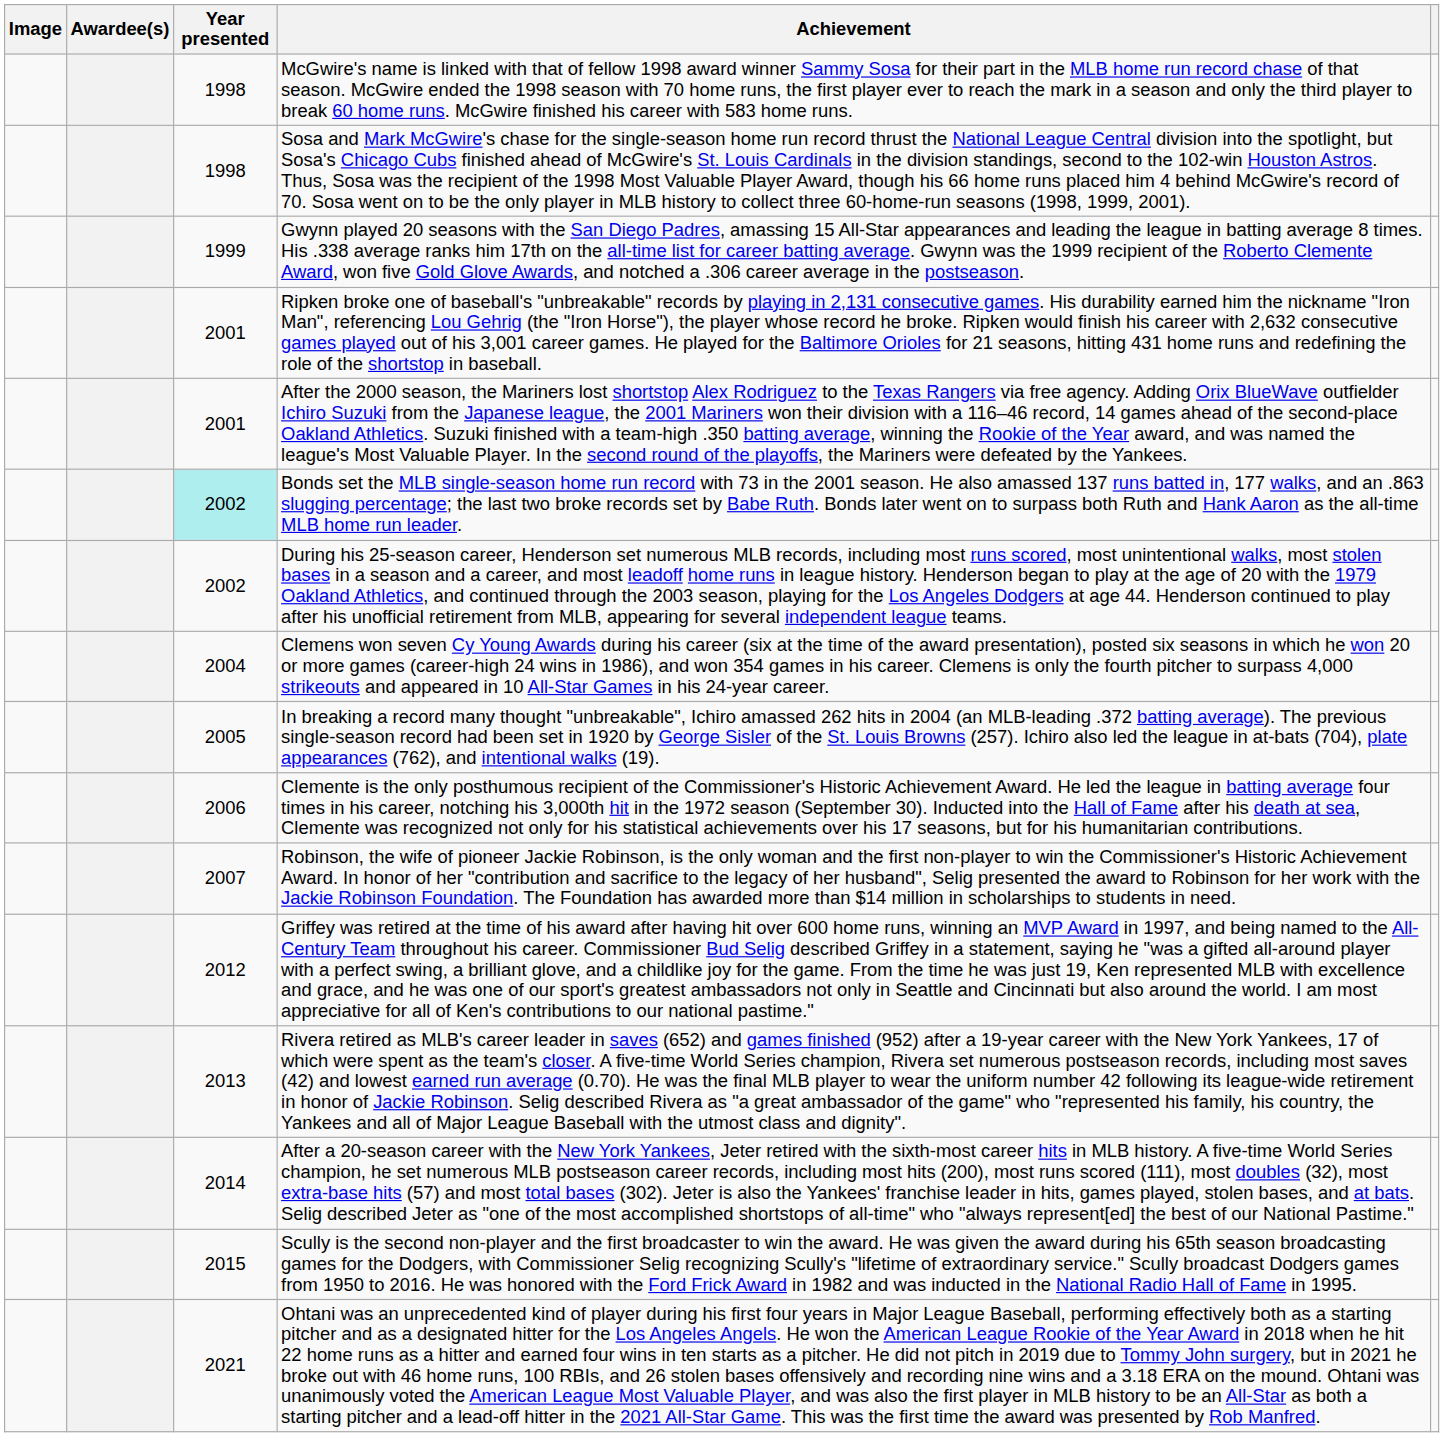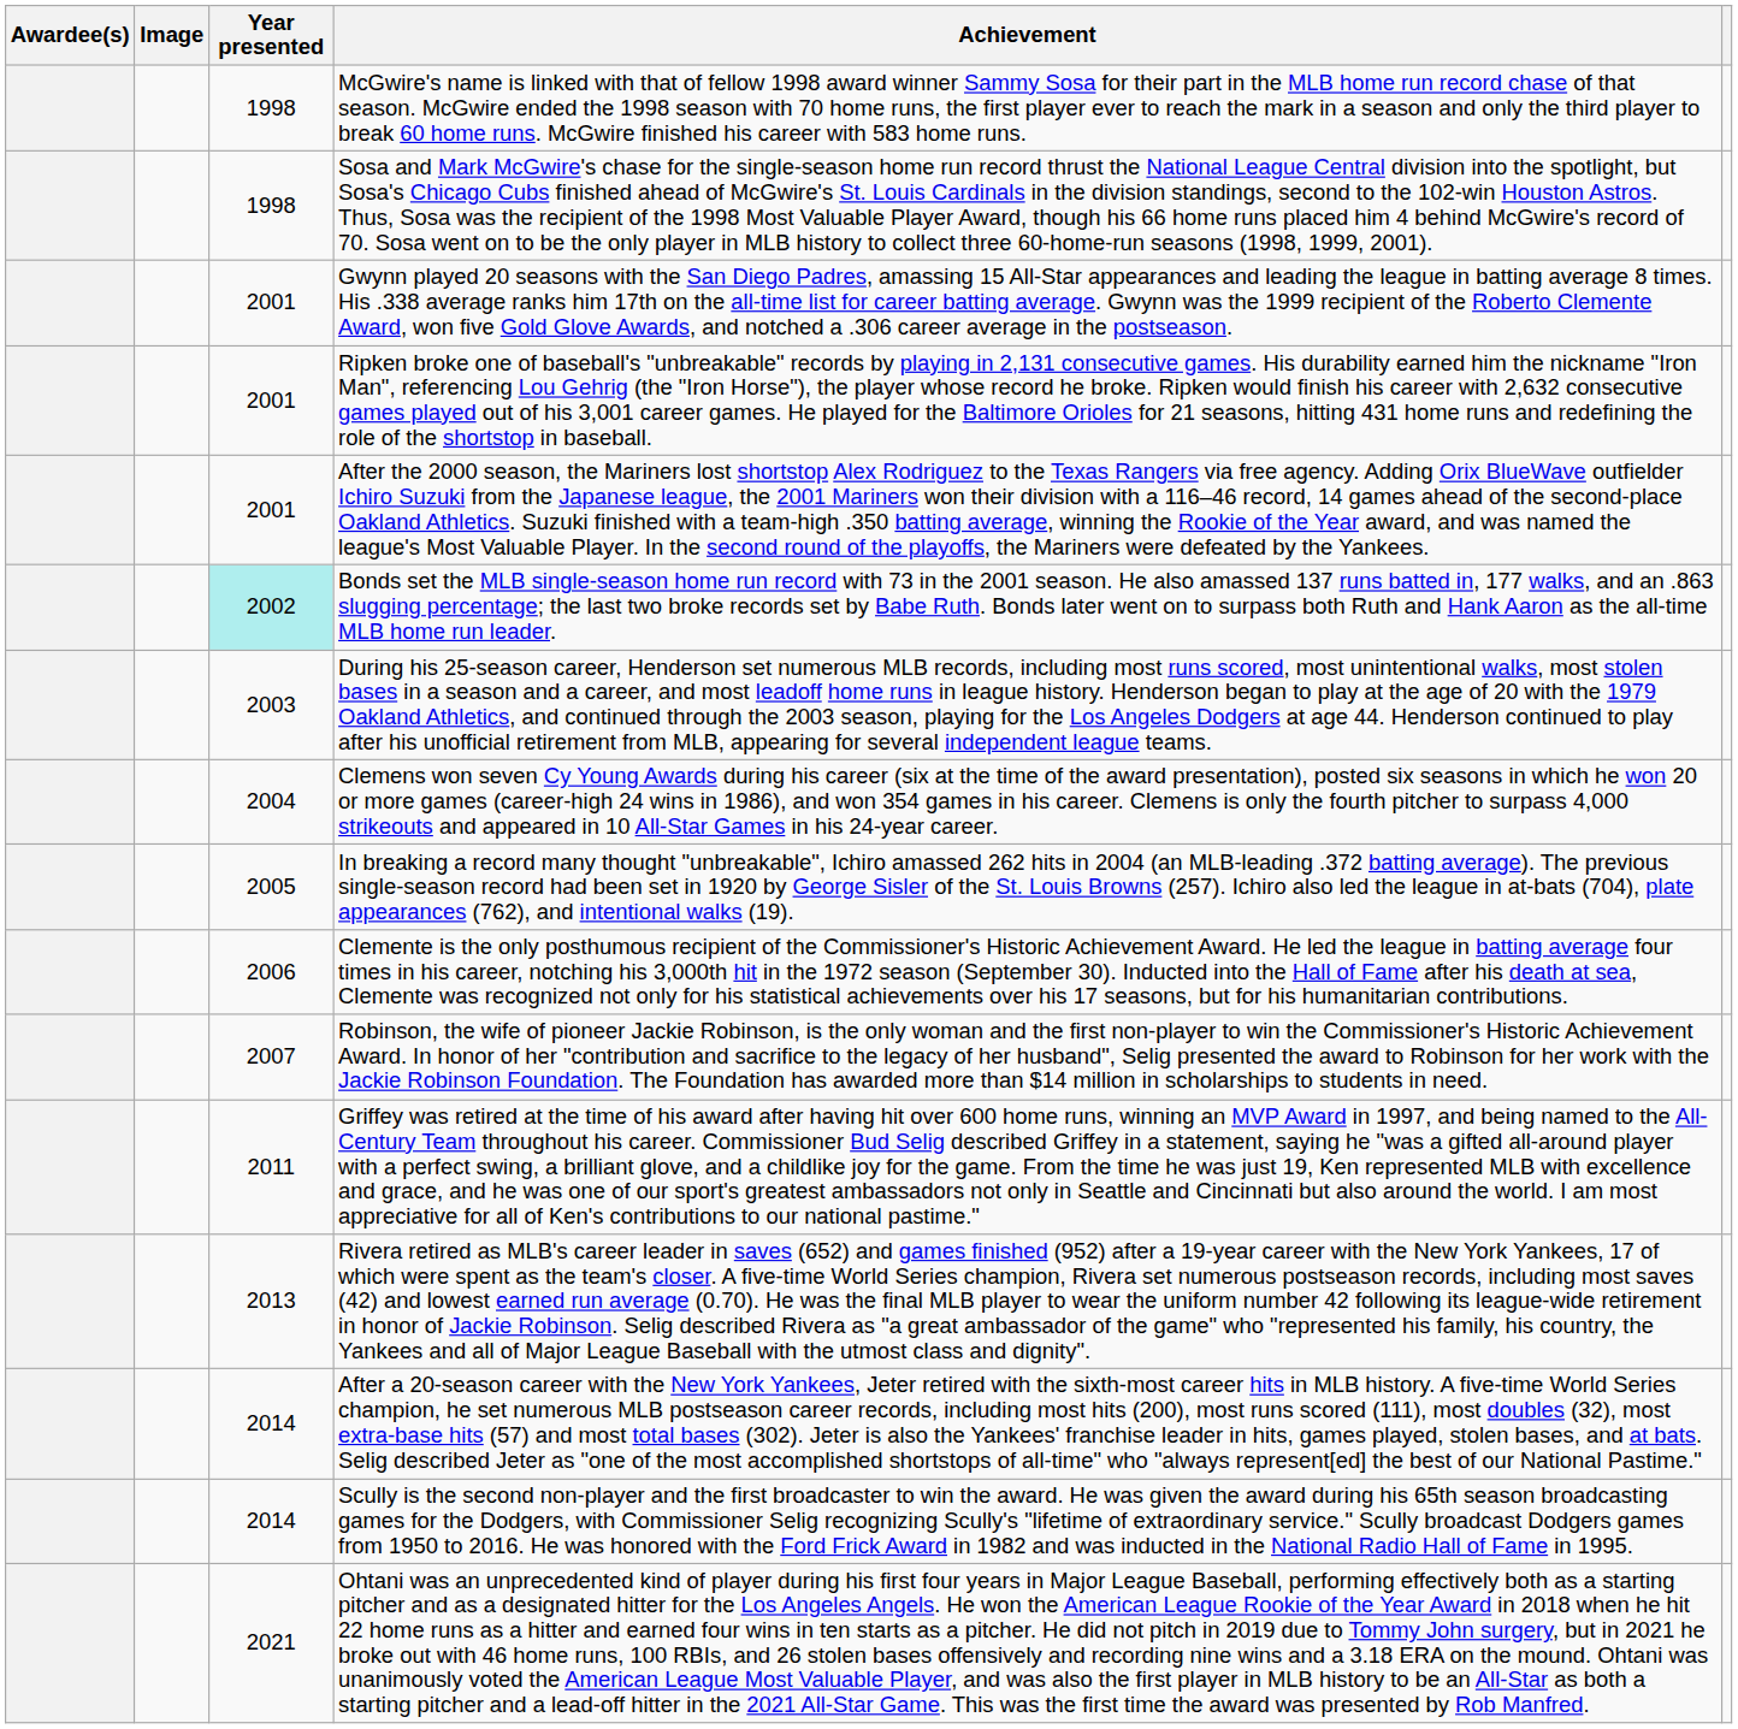 <table class="wikitable sortable">
 <tr>
+<th scope="col">Awardee(s)</th>
 <th class="unsortable" scope="col">Image</th>
-<th scope="col">Awardee(s)</th>
 <th scope="col">Year presented</th>
 <th class="unsortable" scope="col">Achievement</th>
 <th class="unsortable" scope="col"></th>
 </tr>
 <tr>
+<th scope="row"></th>
 <td></td>
-<th scope="row"></th>
 <td style="text-align:center;">1998</td>
 <td>McGwire's name is linked with that of fellow 1998 award winner <a href='#'>Sammy Sosa</a> for their part in the <a href='#'>MLB home run record chase</a> of that season. McGwire ended the 1998 season with 70 home runs, the first player ever to reach the mark in a season and only the third player to break <a href='#'>60 home runs</a>. McGwire finished his career with 583 home runs.</td>
 <td></td>
 </tr>
 <tr>
+<th scope="row"></th>
 <td></td>
-<th scope="row"></th>
 <td style="text-align:center;">1998</td>
 <td>Sosa and <a href='#'>Mark McGwire</a>'s chase for the single-season home run record thrust the <a href='#'>National League Central</a> division into the spotlight, but Sosa's <a href='#'>Chicago Cubs</a> finished ahead of McGwire's <a href='#'>St. Louis Cardinals</a> in the division standings, second to the 102-win <a href='#'>Houston Astros</a>. Thus, Sosa was the recipient of the 1998 Most Valuable Player Award, though his 66 home runs placed him 4 behind McGwire's record of 70. Sosa went on to be the only player in MLB history to collect three 60-home-run seasons (1998, 1999, 2001).</td>
 <td></td>
 </tr>
 <tr>
+<th scope="row"></th>
 <td></td>
-<th scope="row"></th>
-<td style="text-align:center;">1999</td>
+<td style="text-align:center;">2001</td>
 <td>Gwynn played 20 seasons with the <a href='#'>San Diego Padres</a>, amassing 15 All-Star appearances and leading the league in batting average 8 times. His .338 average ranks him 17th on the <a href='#'>all-time list for career batting average</a>. Gwynn was the 1999 recipient of the <a href='#'>Roberto Clemente Award</a>, won five <a href='#'>Gold Glove Awards</a>, and notched a .306 career average in the <a href='#'>postseason</a>.</td>
 <td></td>
 </tr>
 <tr>
+<th scope="row"></th>
 <td></td>
-<th scope="row"></th>
 <td style="text-align:center;">2001</td>
 <td>Ripken broke one of baseball's "unbreakable" records by <a href='#'>playing in 2,131 consecutive games</a>. His durability earned him the nickname "Iron Man", referencing <a href='#'>Lou Gehrig</a> (the "Iron Horse"), the player whose record he broke. Ripken would finish his career with 2,632 consecutive <a href='#'>games played</a> out of his 3,001 career games. He played for the <a href='#'>Baltimore Orioles</a> for 21 seasons, hitting 431 home runs and redefining the role of the <a href='#'>shortstop</a> in baseball.</td>
 <td></td>
 </tr>
 <tr>
+<th scope="row"></th>
 <td></td>
-<th scope="row"></th>
 <td style="text-align:center;">2001</td>
 <td>After the 2000 season, the Mariners lost <a href='#'>shortstop</a> <a href='#'>Alex Rodriguez</a> to the <a href='#'>Texas Rangers</a> via free agency. Adding <a href='#'>Orix BlueWave</a> outfielder <a href='#'>Ichiro Suzuki</a> from the <a href='#'>Japanese league</a>, the <a href='#'>2001 Mariners</a> won their division with a 116–46 record, 14 games ahead of the second-place <a href='#'>Oakland Athletics</a>. Suzuki finished with a team-high .350 <a href='#'>batting average</a>, winning the <a href='#'>Rookie of the Year</a> award, and was named the league's Most Valuable Player. In the <a href='#'>second round of the playoffs</a>, the Mariners were defeated by the Yankees.</td>
 <td></td>
 </tr>
 <tr>
+<th scope="row"></th>
 <td></td>
-<th scope="row"></th>
 <td style="background: paleturquoise; text-align:center;">2002</td>
 <td>Bonds set the <a href='#'>MLB single-season home run record</a> with 73 in the 2001 season. He also amassed 137 <a href='#'>runs batted in</a>, 177 <a href='#'>walks</a>, and an .863 <a href='#'>slugging percentage</a>; the last two broke records set by <a href='#'>Babe Ruth</a>. Bonds later went on to surpass both Ruth and <a href='#'>Hank Aaron</a> as the all-time <a href='#'>MLB home run leader</a>.</td>
 <td></td>
 </tr>
 <tr>
+<th scope="row"></th>
 <td></td>
-<th scope="row"></th>
-<td style="text-align:center;">2002</td>
+<td style="text-align:center;">2003</td>
 <td>During his 25-season career, Henderson set numerous MLB records, including most <a href='#'>runs scored</a>, most unintentional <a href='#'>walks</a>, most <a href='#'>stolen bases</a> in a season and a career, and most <a href='#'>leadoff</a> <a href='#'>home runs</a> in league history. Henderson began to play at the age of 20 with the <a href='#'>1979 Oakland Athletics</a>, and continued through the 2003 season, playing for the <a href='#'>Los Angeles Dodgers</a> at age 44. Henderson continued to play after his unofficial retirement from MLB, appearing for several <a href='#'>independent league</a> teams.</td>
 <td></td>
 </tr>
 <tr>
+<th scope="row"></th>
 <td></td>
-<th scope="row"></th>
 <td style="text-align:center;">2004</td>
 <td>Clemens won seven <a href='#'>Cy Young Awards</a> during his career (six at the time of the award presentation), posted six seasons in which he <a href='#'>won</a> 20 or more games (career-high 24 wins in 1986), and won 354 games in his career. Clemens is only the fourth pitcher to surpass 4,000 <a href='#'>strikeouts</a> and appeared in 10 <a href='#'>All-Star Games</a> in his 24-year career.</td>
 <td></td>
 </tr>
 <tr>
+<th scope="row"></th>
 <td></td>
-<th scope="row"></th>
 <td style="text-align:center;">2005</td>
 <td>In breaking a record many thought "unbreakable", Ichiro amassed 262 hits in 2004 (an MLB-leading .372 <a href='#'>batting average</a>). The previous single-season record had been set in 1920 by <a href='#'>George Sisler</a> of the <a href='#'>St. Louis Browns</a> (257). Ichiro also led the league in at-bats (704), <a href='#'>plate appearances</a> (762), and <a href='#'>intentional walks</a> (19).</td>
 <td></td>
 </tr>
 <tr>
+<th scope="row"></th>
 <td></td>
-<th scope="row"></th>
 <td style="text-align:center;">2006</td>
 <td>Clemente is the only posthumous recipient of the Commissioner's Historic Achievement Award. He led the league in <a href='#'>batting average</a> four times in his career, notching his 3,000th <a href='#'>hit</a> in the 1972 season (September 30). Inducted into the <a href='#'>Hall of Fame</a> after his <a href='#'>death at sea</a>, Clemente was recognized not only for his statistical achievements over his 17 seasons, but for his humanitarian contributions.</td>
 <td></td>
 </tr>
 <tr>
+<th scope="row"></th>
 <td></td>
-<th scope="row"></th>
 <td style="text-align:center;">2007</td>
 <td>Robinson, the wife of pioneer Jackie Robinson, is the only woman and the first non-player to win the Commissioner's Historic Achievement Award. In honor of her "contribution and sacrifice to the legacy of her husband", Selig presented the award to Robinson for her work with the <a href='#'>Jackie Robinson Foundation</a>. The Foundation has awarded more than $14 million in scholarships to students in need.</td>
 <td></td>
 </tr>
 <tr>
+<th scope="row"></th>
 <td></td>
-<th scope="row"></th>
-<td style="text-align:center;">2012</td>
+<td style="text-align:center;">2011</td>
 <td>Griffey was retired at the time of his award after having hit over 600 home runs, winning an <a href='#'>MVP Award</a> in 1997, and being named to the <a href='#'>All-Century Team</a> throughout his career. Commissioner <a href='#'>Bud Selig</a> described Griffey in a statement, saying he "was a gifted all-around player with a perfect swing, a brilliant glove, and a childlike joy for the game. From the time he was just 19, Ken represented MLB with excellence and grace, and he was one of our sport's greatest ambassadors not only in Seattle and Cincinnati but also around the world. I am most appreciative for all of Ken's contributions to our national pastime."</td>
 <td></td>
 </tr>
 <tr>
+<th scope="row"></th>
 <td></td>
-<th scope="row"></th>
 <td style="text-align:center;">2013</td>
 <td>Rivera retired as MLB's career leader in <a href='#'>saves</a> (652) and <a href='#'>games finished</a> (952) after a 19-year career with the New York Yankees, 17 of which were spent as the team's <a href='#'>closer</a>. A five-time World Series champion, Rivera set numerous postseason records, including most saves (42) and lowest <a href='#'>earned run average</a> (0.70). He was the final MLB player to wear the uniform number 42 following its league-wide retirement in honor of <a href='#'>Jackie Robinson</a>. Selig described Rivera as "a great ambassador of the game" who "represented his family, his country, the Yankees and all of Major League Baseball with the utmost class and dignity".</td>
 <td></td>
 </tr>
 <tr>
+<th scope="row"></th>
 <td></td>
-<th scope="row"></th>
 <td style="text-align:center;">2014</td>
 <td>After a 20-season career with the <a href='#'>New York Yankees</a>, Jeter retired with the sixth-most career <a href='#'>hits</a> in MLB history. A five-time World Series champion, he set numerous MLB postseason career records, including most hits (200), most runs scored (111), most <a href='#'>doubles</a> (32), most <a href='#'>extra-base hits</a> (57) and most <a href='#'>total bases</a> (302). Jeter is also the Yankees' franchise leader in hits, games played, stolen bases, and <a href='#'>at bats</a>. Selig described Jeter as "one of the most accomplished shortstops of all-time" who "always represent[ed] the best of our National Pastime."</td>
 <td></td>
 </tr>
 <tr>
+<th scope="row"></th>
 <td></td>
-<th scope="row"></th>
-<td style="text-align:center;">2015</td>
+<td style="text-align:center;">2014</td>
 <td>Scully is the second non-player and the first broadcaster to win the award. He was given the award during his 65th season broadcasting games for the Dodgers, with Commissioner Selig recognizing Scully's "lifetime of extraordinary service." Scully broadcast Dodgers games from 1950 to 2016. He was honored with the <a href='#'>Ford Frick Award</a> in 1982 and was inducted in the <a href='#'>National Radio Hall of Fame</a> in 1995.</td>
 <td></td>
 </tr>
 <tr>
+<th scope="row"></th>
 <td></td>
-<th scope="row"></th>
 <td style="text-align:center;">2021</td>
 <td>Ohtani was an unprecedented kind of player during his first four years in Major League Baseball, performing effectively both as a starting pitcher and as a designated hitter for the <a href='#'>Los Angeles Angels</a>. He won the <a href='#'>American League Rookie of the Year Award</a> in 2018 when he hit 22 home runs as a hitter and earned four wins in ten starts as a pitcher. He did not pitch in 2019 due to <a href='#'>Tommy John surgery</a>, but in 2021 he broke out with 46 home runs, 100 RBIs, and 26 stolen bases offensively and recording nine wins and a 3.18 ERA on the mound. Ohtani was unanimously voted the <a href='#'>American League Most Valuable Player</a>, and was also the first player in MLB history to be an <a href='#'>All-Star</a> as both a starting pitcher and a lead-off hitter in the <a href='#'>2021 All-Star Game</a>. This was the first time the award was presented by <a href='#'>Rob Manfred</a>.</td>
 <td></td>
 </tr>
 </table>
